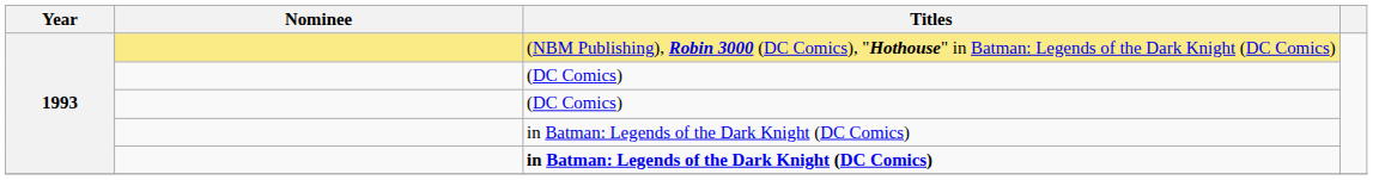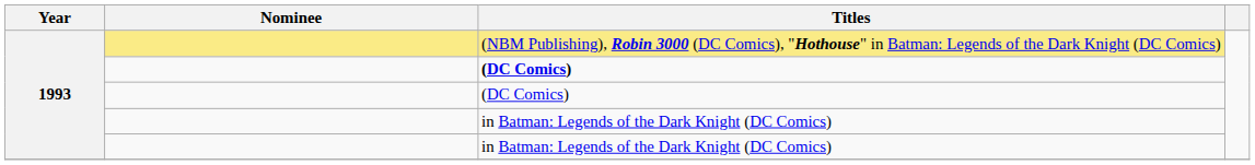 <table class="wikitable sortable" style="text-align:left;">
 <tr>
 <th scope="col" style="width:8%;">Year</th>
 <th scope="col" style="width:30%;">Nominee</th>
 <th scope="col" style="width:60%;">Titles</th>
 <th scope="col" style="width:2%;" class="unsortable"></th>
 </tr>
 <tr>
 <th scope="row" rowspan=5 style="text-align:center">1993</th>
 <td style="background:#FAEB86;"></td>
 <td style="background:#FAEB86;"> (<a href='#'>NBM Publishing</a>), <strong><em><a href='#'>Robin 3000</a></em></strong> (<a href='#'>DC Comics</a>), "<strong><em>Hothouse</em></strong>" in <a href='#'>Batman: Legends of the Dark Knight</a> (<a href='#'>DC Comics</a>)</td>
 <td rowspan=5></td>
 </tr>
 <tr>
 <td style="background:;"></td>
-<td style="background:;"> (<a href='#'>DC Comics</a>)</td>
+<td style="background:;"><strong> (<a href='#'>DC Comics</a>)</strong></td>
 </tr>
 <tr>
 <td style="background:;"></td>
 <td style="background:;"> (<a href='#'>DC Comics</a>)</td>
 </tr>
 <tr>
 <td style="background:;"></td>
 <td style="background:;"> in <a href='#'>Batman: Legends of the Dark Knight</a> (<a href='#'>DC Comics</a>)</td>
 </tr>
 <tr>
 <td style="background:;"></td>
-<td style="background:;"><strong> in <a href='#'>Batman: Legends of the Dark Knight</a> (<a href='#'>DC Comics</a>)</strong></td>
+<td style="background:;"> in <a href='#'>Batman: Legends of the Dark Knight</a> (<a href='#'>DC Comics</a>)</td>
 </tr>
 <tr>
 </tr>
 </table>
